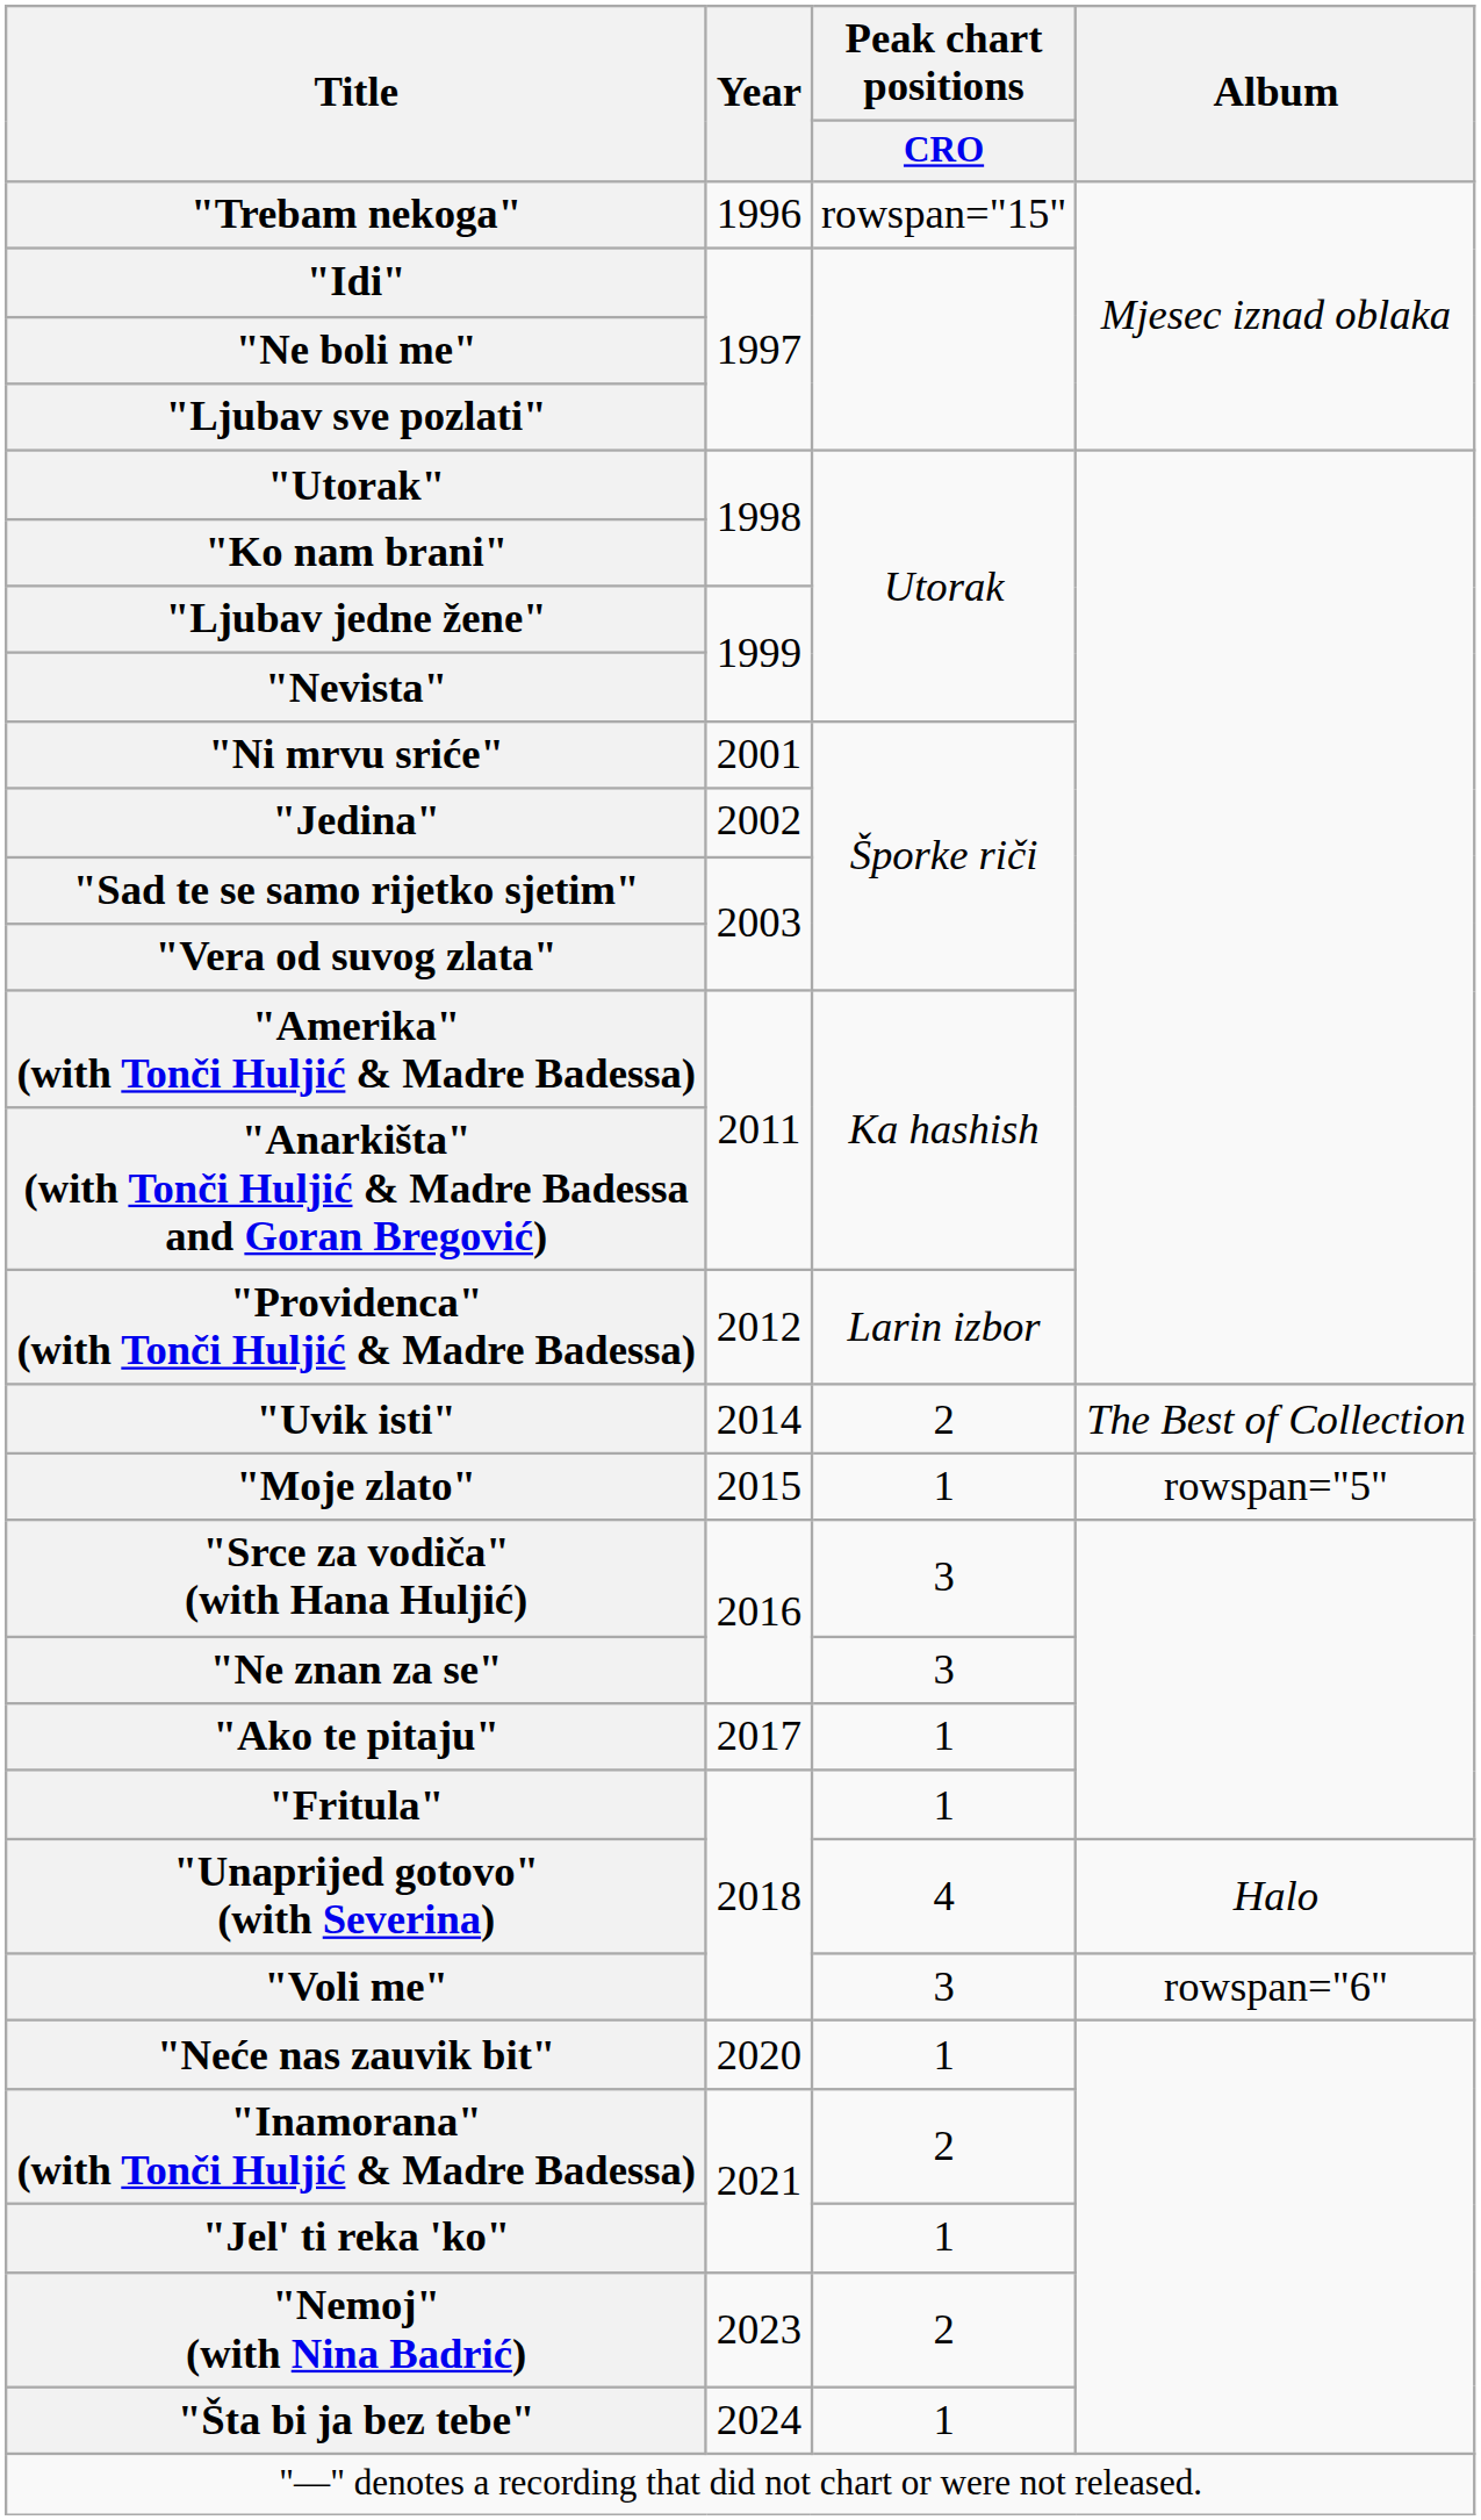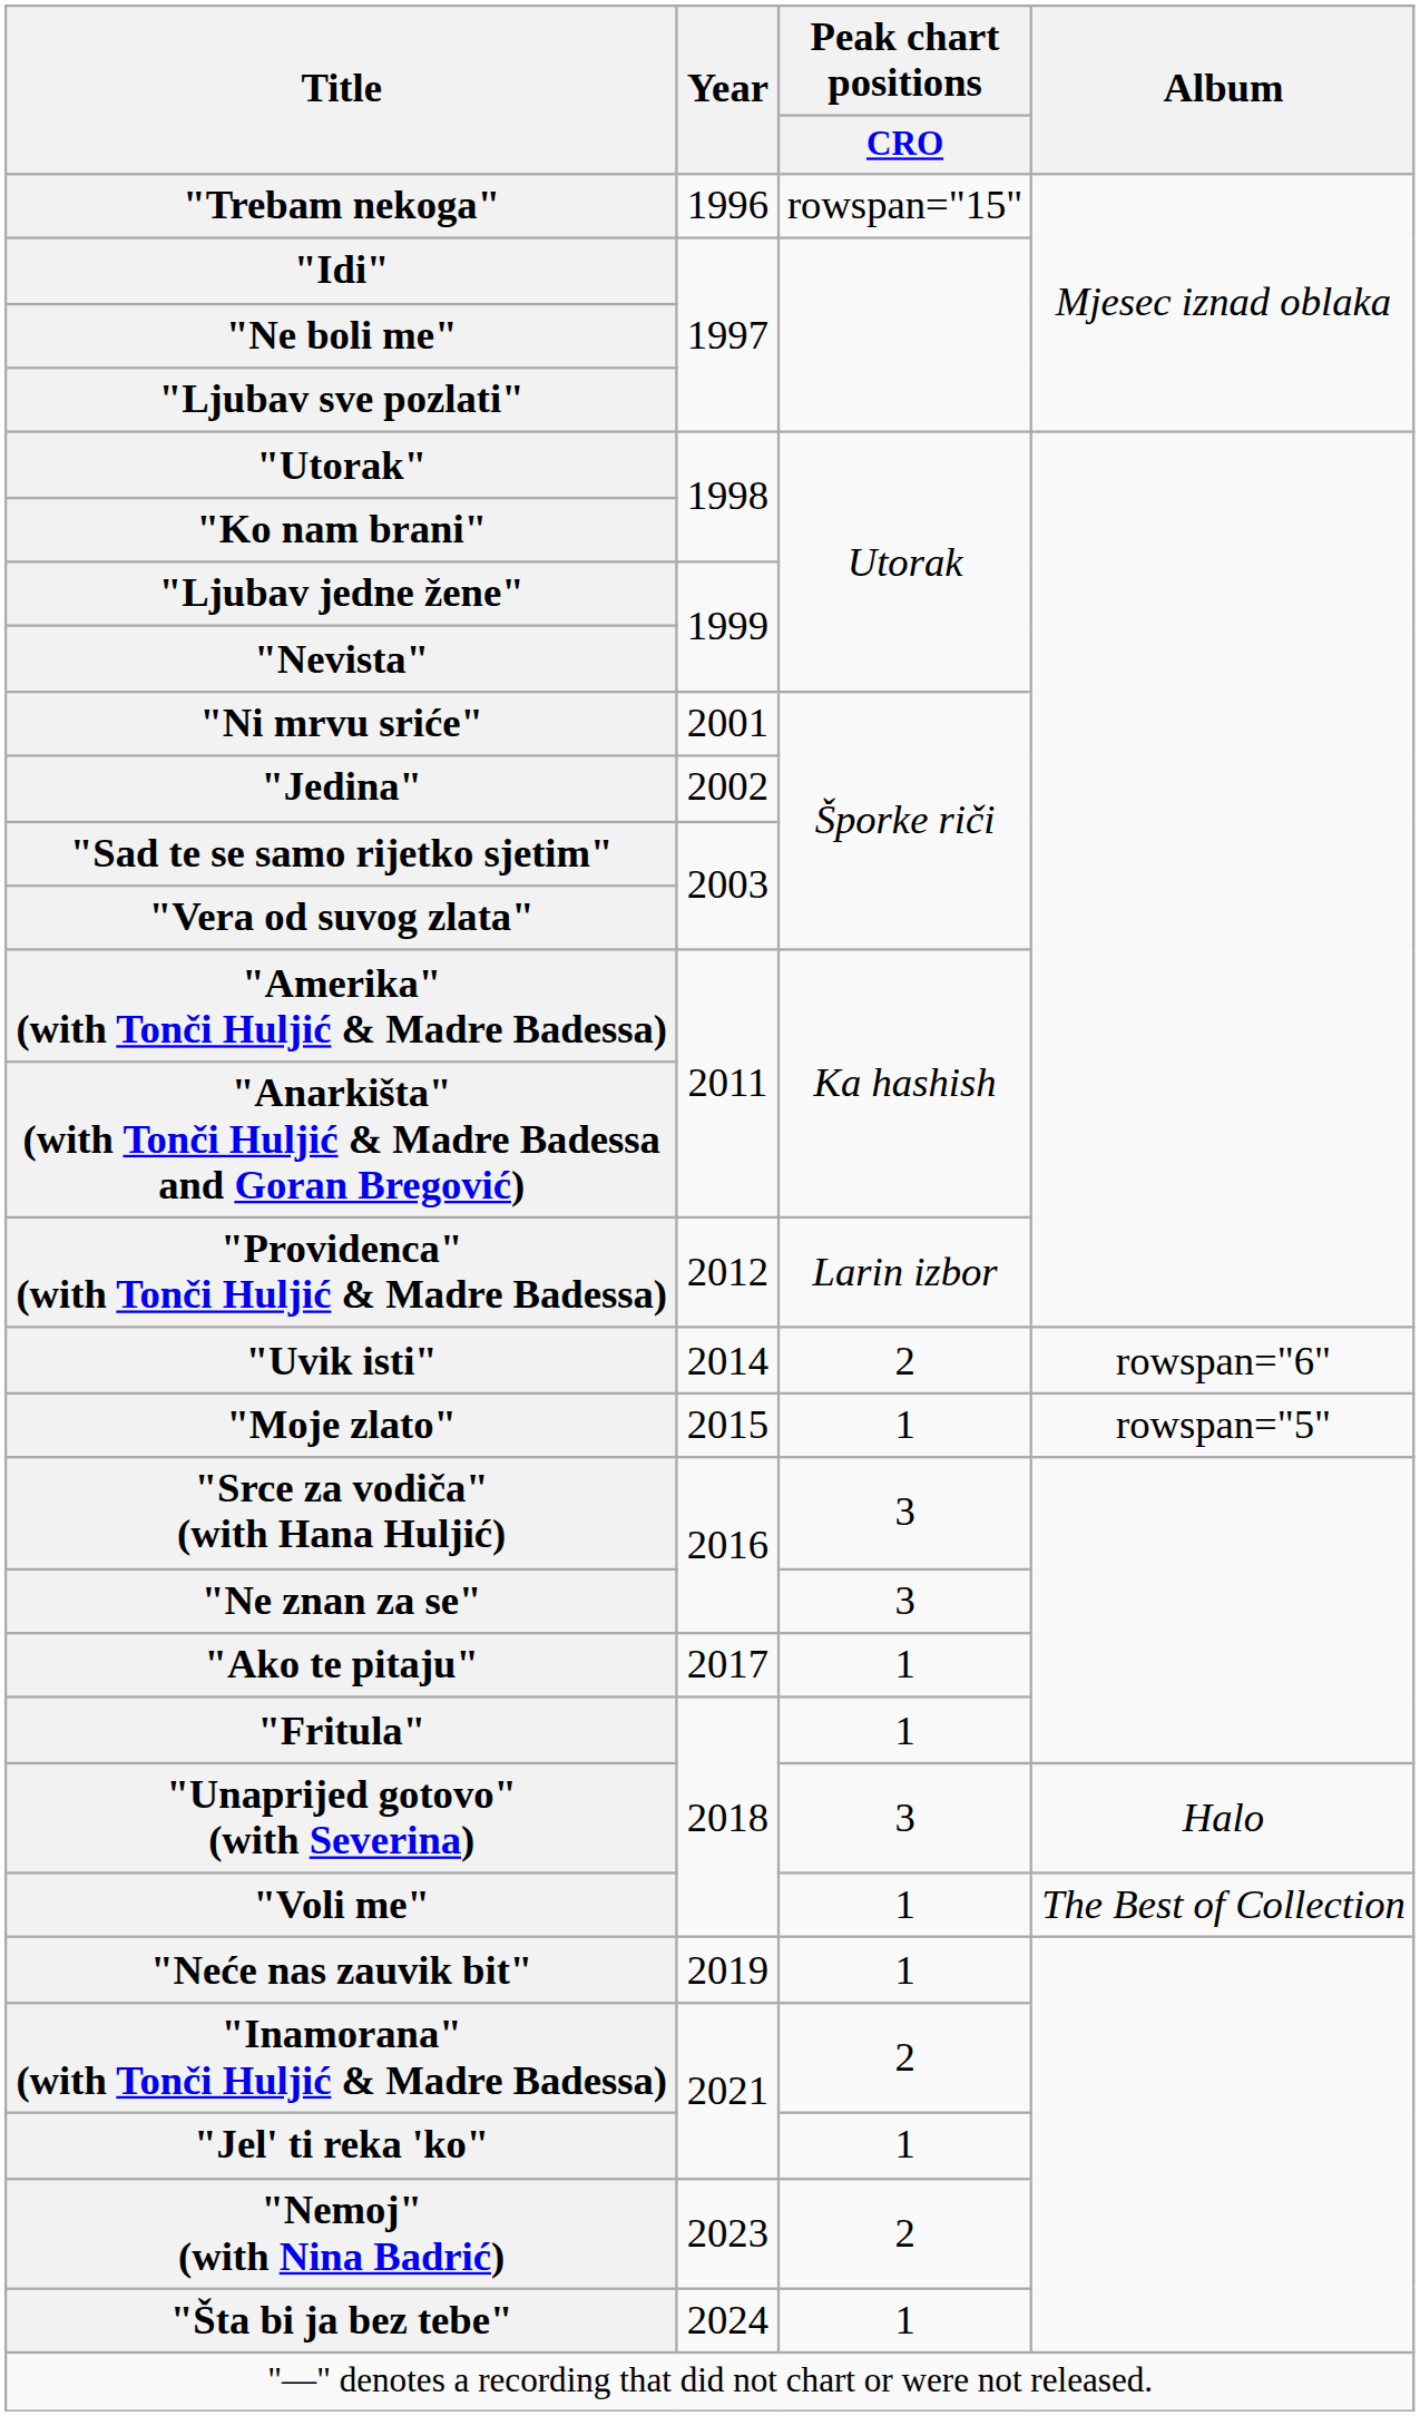 <table class="wikitable plainrowheaders" style="text-align:center;">
 <tr>
 <th scope="col" rowspan="2" style="width:16em;">Title</th>
 <th scope="col" rowspan="2" style="width:1em;">Year</th>
 <th scope="col" colspan="1">Peak chart positions</th>
 <th scope="col" rowspan="2">Album</th>
 </tr>
 <tr>
 <th scope="col" style="width:3em;font-size:85%;"><a href='#'>CRO</a><br></th>
 </tr>
 <tr>
 <th scope="row">"Trebam nekoga"</th>
 <td>1996</td>
 <td>rowspan="15" </td>
 <td rowspan="4"><em>Mjesec iznad oblaka</em></td>
 </tr>
 <tr>
 <th scope="row">"Idi"</th>
 <td rowspan="3">1997</td>
 </tr>
 <tr>
 <th scope="row">"Ne boli me"</th>
 </tr>
 <tr>
 <th scope="row">"Ljubav sve pozlati"</th>
 </tr>
 <tr>
 <th scope="row">"Utorak"</th>
 <td rowspan="2">1998</td>
 <td rowspan="4"><em>Utorak</em></td>
 </tr>
 <tr>
 <th scope="row">"Ko nam brani"</th>
 </tr>
 <tr>
 <th scope="row">"Ljubav jedne žene"</th>
 <td rowspan="2">1999</td>
 </tr>
 <tr>
 <th scope="row">"Nevista"</th>
 </tr>
 <tr>
 <th scope="row">"Ni mrvu sriće"</th>
 <td>2001</td>
 <td rowspan="4"><em>Šporke riči</em></td>
 </tr>
 <tr>
 <th scope="row">"Jedina"</th>
 <td>2002</td>
 </tr>
 <tr>
 <th scope="row">"Sad te se samo rijetko sjetim"</th>
 <td rowspan="2">2003</td>
 </tr>
 <tr>
 <th scope="row">"Vera od suvog zlata"</th>
 </tr>
 <tr>
 <th scope="row">"Amerika"<br><span>(with <a href='#'>Tonči Huljić</a> & Madre Badessa)</span></th>
 <td rowspan="2">2011</td>
 <td rowspan="2"><em>Ka hashish</em></td>
 </tr>
 <tr>
 <th scope="row">"Anarkišta"<br><span>(with <a href='#'>Tonči Huljić</a> & Madre Badessa and <a href='#'>Goran Bregović</a>)</span></th>
 </tr>
 <tr>
 <th scope="row">"Providenca"<br><span>(with <a href='#'>Tonči Huljić</a> & Madre Badessa)</span></th>
 <td>2012</td>
 <td><em>Larin izbor</em></td>
 </tr>
 <tr>
 <th scope="row">"Uvik isti"</th>
 <td>2014</td>
 <td>2</td>
-<td><em>The Best of Collection</em></td>
+<td>rowspan="6" </td>
 </tr>
 <tr>
 <th scope="row">"Moje zlato"</th>
 <td>2015</td>
 <td>1</td>
 <td>rowspan="5" </td>
 </tr>
 <tr>
 <th scope="row">"Srce za vodiča"<br><span>(with Hana Huljić)</span></th>
 <td rowspan="2">2016</td>
 <td>3</td>
 </tr>
 <tr>
 <th scope="row">"Ne znan za se"</th>
 <td>3</td>
 </tr>
 <tr>
 <th scope="row">"Ako te pitaju"</th>
 <td>2017</td>
 <td>1</td>
 </tr>
 <tr>
 <th scope="row">"Fritula"</th>
 <td rowspan="3">2018</td>
 <td>1</td>
 </tr>
 <tr>
 <th scope="row">"Unaprijed gotovo"<br><span>(with <a href='#'>Severina</a>)</span></th>
-<td>4</td>
+<td>3</td>
 <td><em>Halo</em></td>
 </tr>
 <tr>
 <th scope="row">"Voli me"</th>
-<td>3</td>
-<td>rowspan="6" </td>
+<td>1</td>
+<td><em>The Best of Collection</em></td>
 </tr>
 <tr>
 <th scope="row">"Neće nas zauvik bit"</th>
-<td>2020</td>
+<td>2019</td>
 <td>1</td>
 </tr>
 <tr>
 <th scope="row">"Inamorana"<br><span>(with <a href='#'>Tonči Huljić</a> & Madre Badessa)</span></th>
 <td rowspan="2">2021</td>
 <td>2</td>
 </tr>
 <tr>
 <th scope="row">"Jel' ti reka 'ko"</th>
 <td>1</td>
 </tr>
 <tr>
 <th scope="row">"Nemoj"<br><span>(with <a href='#'>Nina Badrić</a>)</span></th>
 <td rowspan="1">2023</td>
 <td>2</td>
 </tr>
 <tr>
 <th scope="row">"Šta bi ja bez tebe"</th>
 <td rowspan="1">2024</td>
 <td>1</td>
 </tr>
 <tr>
 <td colspan="20" style="text-align:center; font-size:85%;">"—" denotes a recording that did not chart or were not released.</td>
 </tr>
 </table>
